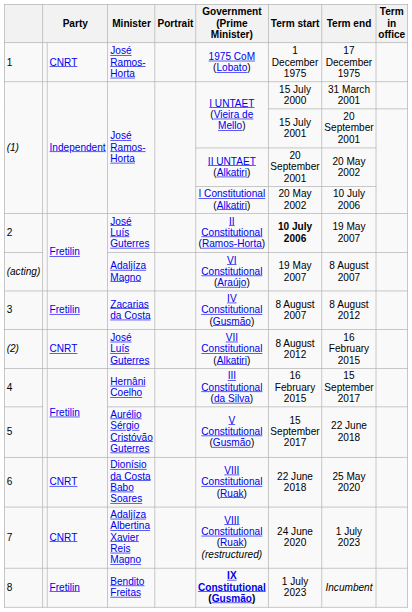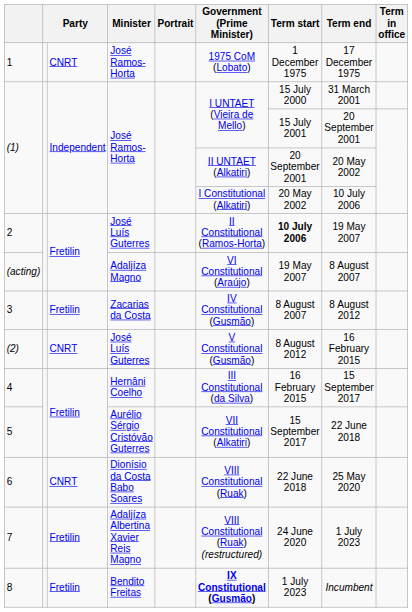 <table class="wikitable sortable">
 <tr>
 <th></th>
 <th colspan="2">Party</th>
 <th>Minister</th>
 <th>Portrait</th>
 <th>Government<br>(Prime Minister)</th>
 <th>Term start</th>
 <th>Term end</th>
 <th>Term in office</th>
 </tr>
 <tr>
 <td>1</td>
 <td style="background:"></td>
 <td><a href='#'>CNRT</a></td>
 <td><a href='#'>José Ramos-Horta</a></td>
 <td></td>
 <td align=center><a href='#'>1975 CoM</a><br>(<a href='#'>Lobato</a>)</td>
 <td align=center>1 December 1975</td>
 <td align=center>17 December 1975</td>
 <td align=right></td>
 </tr>
 <tr>
 <td rowspan=4><em>(1)</em></td>
 <td rowspan=4 style="background:"></td>
 <td rowspan=4><a href='#'>Independent</a></td>
 <td rowspan=4><a href='#'>José Ramos-Horta</a></td>
 <td rowspan=4></td>
 <td rowspan=2 align=center><a href='#'>I UNTAET</a><br>(<a href='#'>Vieira de Mello</a>)</td>
 <td align=center>15 July 2000</td>
 <td align=center>31 March 2001</td>
 <td align=right></td>
 </tr>
 <tr>
 <td align=center>15 July 2001</td>
 <td align=center>20 September 2001</td>
 <td rowspan=3 align=right></td>
 </tr>
 <tr>
 <td align=center><a href='#'>II UNTAET</a><br>(<a href='#'>Alkatiri</a>)</td>
 <td align=center>20 September 2001</td>
 <td align=center>20 May 2002</td>
 </tr>
 <tr>
 <td align=center><a href='#'>I Constitutional</a><br>(<a href='#'>Alkatiri</a>)</td>
 <td align=center>20 May 2002</td>
 <td align=center>10 July 2006</td>
 </tr>
 <tr>
 <td>2</td>
 <td rowspan=2 style="background:"></td>
 <td rowspan=2><a href='#'>Fretilin</a></td>
 <td><a href='#'>José Luís Guterres</a></td>
 <td></td>
 <td align=center><a href='#'>II Constitutional</a><br>(<a href='#'>Ramos-Horta</a>)</td>
 <td align=center><strong>10 July 2006</strong></td>
 <td align=center>19 May 2007</td>
 <td align=right></td>
 </tr>
 <tr>
 <td><em>(acting)</em></td>
 <td><a href='#'>Adaljíza Magno</a></td>
 <td></td>
 <td align=center><a href='#'>VI Constitutional</a><br>(<a href='#'>Araújo</a>)</td>
 <td align=center>19 May 2007</td>
 <td align=center>8 August 2007</td>
 <td align=right></td>
 </tr>
 <tr>
 <td>3</td>
 <td style="background:"></td>
 <td><a href='#'>Fretilin</a></td>
 <td><a href='#'>Zacarias da Costa</a></td>
 <td></td>
 <td align=center><a href='#'>IV Constitutional</a><br>(<a href='#'>Gusmão</a>)</td>
 <td align=center>8 August 2007</td>
 <td align=center>8 August 2012</td>
 <td align=right></td>
 </tr>
 <tr>
 <td><em>(2)</em></td>
 <td style="background:"></td>
 <td><a href='#'>CNRT</a></td>
 <td><a href='#'>José Luís Guterres</a></td>
 <td></td>
-<td align=center><a href='#'>VII Constitutional</a><br>(<a href='#'>Alkatiri</a>)</td>
+<td align=center><a href='#'>V Constitutional</a><br>(<a href='#'>Gusmão</a>)</td>
 <td align=center>8 August 2012</td>
 <td align=center>16 February 2015</td>
 <td align=right></td>
 </tr>
 <tr>
 <td>4</td>
 <td rowspan=2 style="background:"></td>
 <td rowspan=2><a href='#'>Fretilin</a></td>
 <td><a href='#'>Hernâni Coelho</a></td>
 <td></td>
 <td align=center><a href='#'>III Constitutional</a><br>(<a href='#'>da Silva</a>)</td>
 <td align=center>16 February 2015</td>
 <td align=center>15 September 2017</td>
 <td align=right></td>
 </tr>
 <tr>
 <td>5</td>
 <td><a href='#'>Aurélio Sérgio Cristóvão Guterres</a></td>
 <td></td>
-<td align=center><a href='#'>V Constitutional</a><br>(<a href='#'>Gusmão</a>)</td>
+<td align=center><a href='#'>VII Constitutional</a><br>(<a href='#'>Alkatiri</a>)</td>
 <td align=center>15 September 2017</td>
 <td align=center>22 June 2018</td>
 <td align=right></td>
 </tr>
 <tr>
 <td>6</td>
 <td style="background:"></td>
 <td><a href='#'>CNRT</a></td>
 <td><a href='#'>Dionísio da Costa Babo Soares</a></td>
 <td></td>
 <td align=center><a href='#'>VIII Constitutional</a><br>(<a href='#'>Ruak</a>)</td>
 <td align=center>22 June 2018</td>
 <td align=center>25 May 2020</td>
 <td align=right></td>
 </tr>
 <tr>
 <td>7</td>
 <td style="background:"></td>
-<td><a href='#'>CNRT</a></td>
+<td><a href='#'>Fretilin</a></td>
 <td><a href='#'>Adaljíza Albertina Xavier Reis Magno</a></td>
 <td></td>
 <td align=center><a href='#'>VIII Constitutional</a><br>(<a href='#'>Ruak</a>)<br><em>(restructured)</em></td>
 <td align=center>24 June 2020</td>
 <td align=center>1 July 2023</td>
 <td align=right></td>
 </tr>
 <tr>
 <td>8</td>
 <td style="background:"></td>
 <td><a href='#'>Fretilin</a></td>
 <td><a href='#'>Bendito Freitas</a></td>
 <td></td>
 <td align=center><strong><a href='#'>IX Constitutional</a><br>(<a href='#'>Gusmão</a>)</strong></td>
 <td align=center>1 July 2023</td>
 <td align=center><em>Incumbent</em></td>
 <td align=right></td>
 </tr>
 </table>
